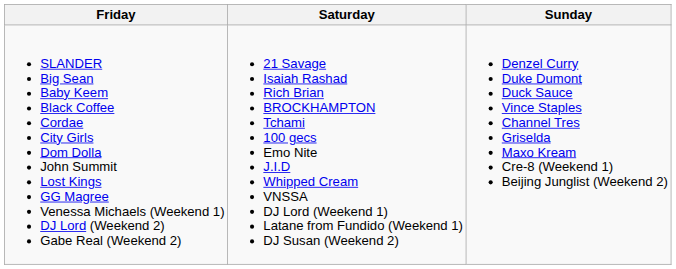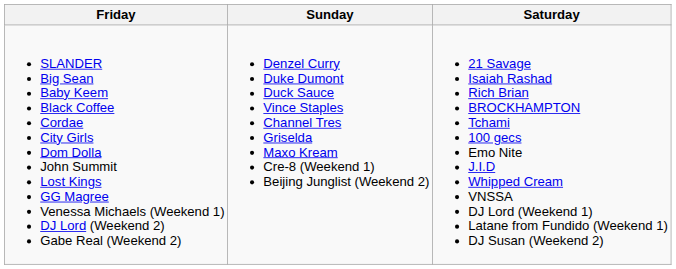 <table class="wikitable">
 <tr>
 <th>Friday</th>
+<th>Sunday</th>
 <th>Saturday</th>
-<th>Sunday</th>
 </tr>
 <tr valign="top">
 <td><br><ul><li><a href='#'>SLANDER</a></li><li><a href='#'>Big Sean</a></li><li><a href='#'>Baby Keem</a></li><li><a href='#'>Black Coffee</a></li><li><a href='#'>Cordae</a></li><li><a href='#'>City Girls</a></li><li><a href='#'>Dom Dolla</a></li><li>John Summit</li><li><a href='#'>Lost Kings</a></li><li><a href='#'>GG Magree</a></li><li>Venessa Michaels (Weekend 1)</li><li><a href='#'>DJ Lord</a> (Weekend 2)</li><li>Gabe Real (Weekend 2)</li></ul></td>
+<td><br><ul><li><a href='#'>Denzel Curry</a></li><li><a href='#'>Duke Dumont</a></li><li><a href='#'>Duck Sauce</a></li><li><a href='#'>Vince Staples</a></li><li><a href='#'>Channel Tres</a></li><li><a href='#'>Griselda</a></li><li><a href='#'>Maxo Kream</a></li><li>Cre-8 (Weekend 1)</li><li>Beijing Junglist (Weekend 2)</li></ul></td>
 <td><br><ul><li><a href='#'>21 Savage</a></li><li><a href='#'>Isaiah Rashad</a></li><li><a href='#'>Rich Brian</a></li><li><a href='#'>BROCKHAMPTON</a></li><li><a href='#'>Tchami</a></li><li><a href='#'>100 gecs</a></li><li>Emo Nite</li><li><a href='#'>J.I.D</a></li><li><a href='#'>Whipped Cream</a></li><li>VNSSA</li><li>DJ Lord (Weekend 1)</li><li>Latane from Fundido (Weekend 1)</li><li>DJ Susan (Weekend 2)</li></ul></td>
-<td><br><ul><li><a href='#'>Denzel Curry</a></li><li><a href='#'>Duke Dumont</a></li><li><a href='#'>Duck Sauce</a></li><li><a href='#'>Vince Staples</a></li><li><a href='#'>Channel Tres</a></li><li><a href='#'>Griselda</a></li><li><a href='#'>Maxo Kream</a></li><li>Cre-8 (Weekend 1)</li><li>Beijing Junglist (Weekend 2)</li></ul></td>
 </tr>
 </table>
